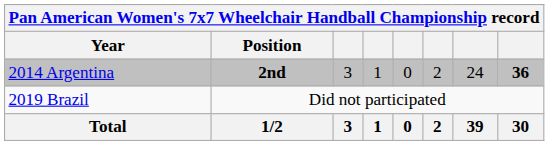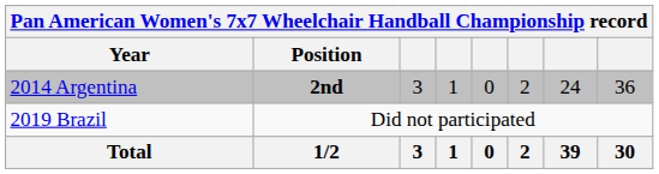 <table class="wikitable" style="text-align: center;">
 <tr>
 <th colspan=10><a href='#'>Pan American Women's 7x7 Wheelchair Handball Championship</a> record</th>
 </tr>
 <tr>
 <th>Year</th>
 <th>Position</th>
 <th></th>
 <th></th>
 <th></th>
 <th></th>
 <th></th>
 <th></th>
 </tr>
 <tr style="background:silver">
 <td align=left> <a href='#'>2014 Argentina</a></td>
 <td><strong>2nd</strong></td>
 <td>3</td>
 <td>1</td>
 <td>0</td>
 <td>2</td>
 <td>24</td>
-<td><strong>36</strong></td>
+<td>36</td>
 </tr>
 <tr>
 <td align=left> <a href='#'>2019 Brazil</a></td>
 <td colspan="8">Did not participated</td>
 </tr>
 <tr>
 <th>Total</th>
 <th>1/2</th>
 <th>3</th>
 <th>1</th>
 <th>0</th>
 <th>2</th>
 <th>39</th>
 <th>30</th>
 </tr>
 </table>
